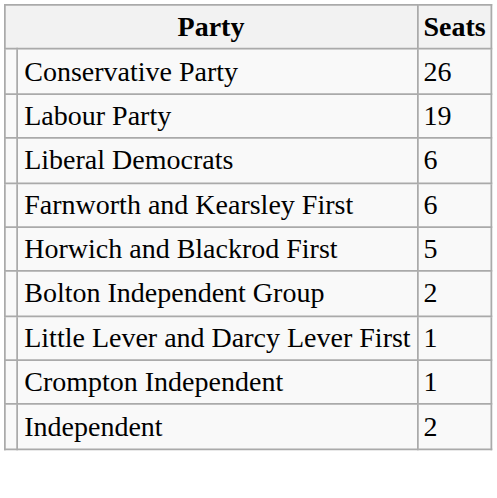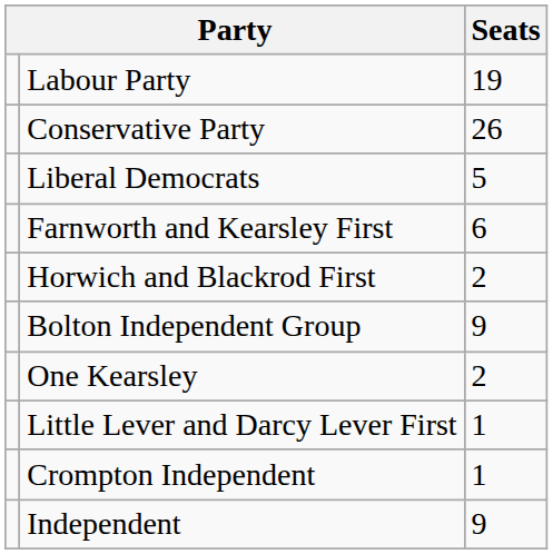 <table class="wikitable">
 <tr>
 <th colspan="2">Party</th>
 <th>Seats</th>
+</tr>
+<tr>
+<td style="color:inherit;background:"></td>
+<td>Labour Party</td>
+<td>19</td>
 </tr>
 <tr>
 <td style="color:inherit;background:"></td>
 <td>Conservative Party</td>
 <td>26</td>
 </tr>
 <tr>
 <td style="color:inherit;background:"></td>
-<td>Labour Party</td>
-<td>19</td>
-</tr>
-<tr>
-<td style="color:inherit;background:"></td>
 <td>Liberal Democrats</td>
-<td>6</td>
+<td>5</td>
 </tr>
 <tr>
 <td style="color:inherit;background:"></td>
 <td>Farnworth and Kearsley First</td>
 <td>6</td>
 </tr>
 <tr>
 <td style="color:inherit;background:"></td>
 <td>Horwich and Blackrod First</td>
-<td>5</td>
+<td>2</td>
 </tr>
 <tr>
 <td></td>
 <td>Bolton Independent Group</td>
+<td>9</td>
+</tr>
+<tr>
+<td></td>
+<td>One Kearsley</td>
 <td>2</td>
 </tr>
 <tr>
 <td></td>
 <td>Little Lever and Darcy Lever First</td>
 <td>1</td>
 </tr>
 <tr>
 <td></td>
 <td>Crompton Independent</td>
 <td>1</td>
 </tr>
 <tr>
 <td style="color:inherit;background:"></td>
 <td>Independent</td>
-<td>2</td>
+<td>9</td>
 </tr>
 </table>
